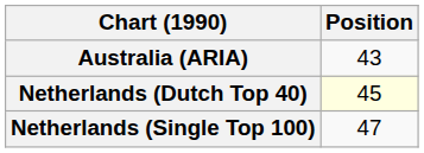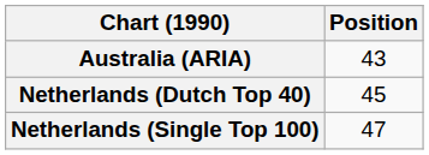 <table class="wikitable sortable plainrowheaders">
 <tr>
 <th scope="col">Chart (1990)</th>
 <th scope="col">Position</th>
 </tr>
 <tr>
 <th scope="row">Australia (ARIA)</th>
 <td style="text-align:center;">43</td>
 </tr>
 <tr>
 <th scope="row">Netherlands (Dutch Top 40)</th>
-<td style="background: lightyellow; text-align:center;">45</td>
+<td style="text-align:center;">45</td>
 </tr>
 <tr>
 <th scope="row">Netherlands (Single Top 100)</th>
 <td style="text-align:center;">47</td>
 </tr>
 </table>
